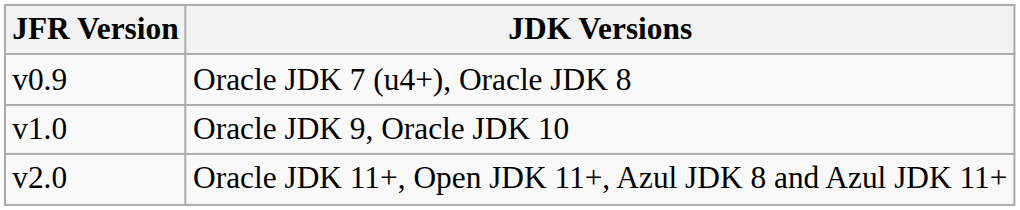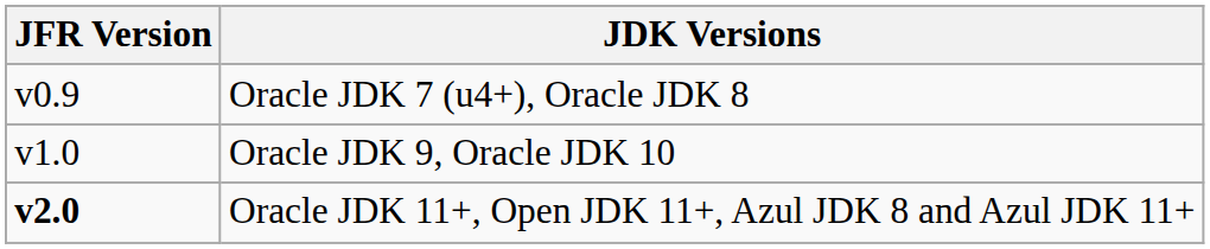 <table class="wikitable">
 <tr>
 <th>JFR Version</th>
 <th>JDK Versions</th>
 </tr>
 <tr>
 <td>v0.9</td>
 <td>Oracle JDK 7 (u4+), Oracle JDK 8</td>
 </tr>
 <tr>
 <td>v1.0</td>
 <td>Oracle JDK 9, Oracle JDK 10</td>
 </tr>
 <tr>
-<td>v2.0</td>
+<td><strong>v2.0</strong></td>
 <td>Oracle JDK 11+, Open JDK 11+, Azul JDK 8 and Azul JDK 11+</td>
 </tr>
 </table>
